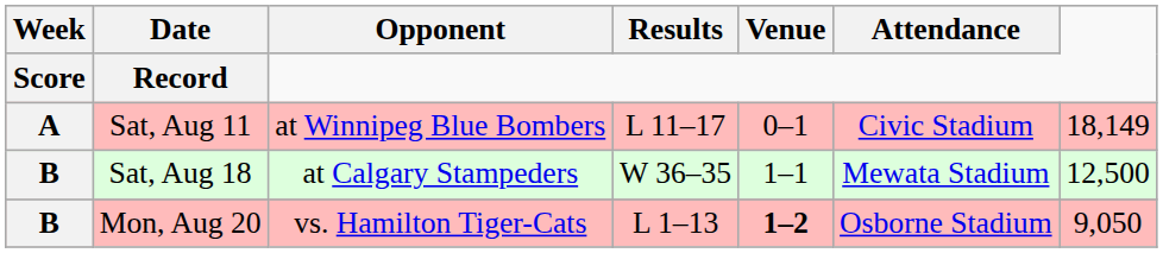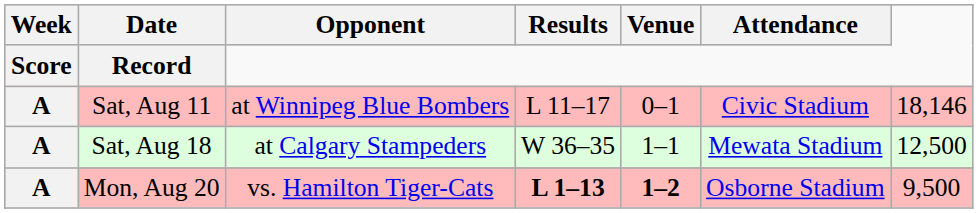 <table class="wikitable" style="text-align:center">
 <tr>
 <th>Week</th>
 <th>Date</th>
 <th>Opponent</th>
 <th>Results</th>
 <th>Venue</th>
 <th>Attendance</th>
 </tr>
 <tr>
 <th>Score</th>
 <th>Record</th>
 </tr>
 <tr style="background:#ffbbbb">
 <th>A</th>
 <td>Sat, Aug 11</td>
 <td>at <a href='#'>Winnipeg Blue Bombers</a></td>
 <td>L 11–17</td>
 <td>0–1</td>
 <td><a href='#'>Civic Stadium</a></td>
-<td>18,149</td>
+<td>18,146</td>
 </tr>
 <tr style="background:#ddffdd">
-<th>B</th>
+<th>A</th>
 <td>Sat, Aug 18</td>
 <td>at <a href='#'>Calgary Stampeders</a></td>
 <td>W 36–35</td>
 <td>1–1</td>
 <td><a href='#'>Mewata Stadium</a></td>
 <td>12,500</td>
 </tr>
 <tr style="background:#ffbbbb">
-<th>B</th>
+<th>A</th>
 <td>Mon, Aug 20</td>
 <td>vs. <a href='#'>Hamilton Tiger-Cats</a></td>
-<td>L 1–13</td>
+<td><strong>L 1–13</strong></td>
 <td><strong>1–2</strong></td>
 <td><a href='#'>Osborne Stadium</a></td>
-<td>9,050</td>
+<td>9,500</td>
 </tr>
 </table>
